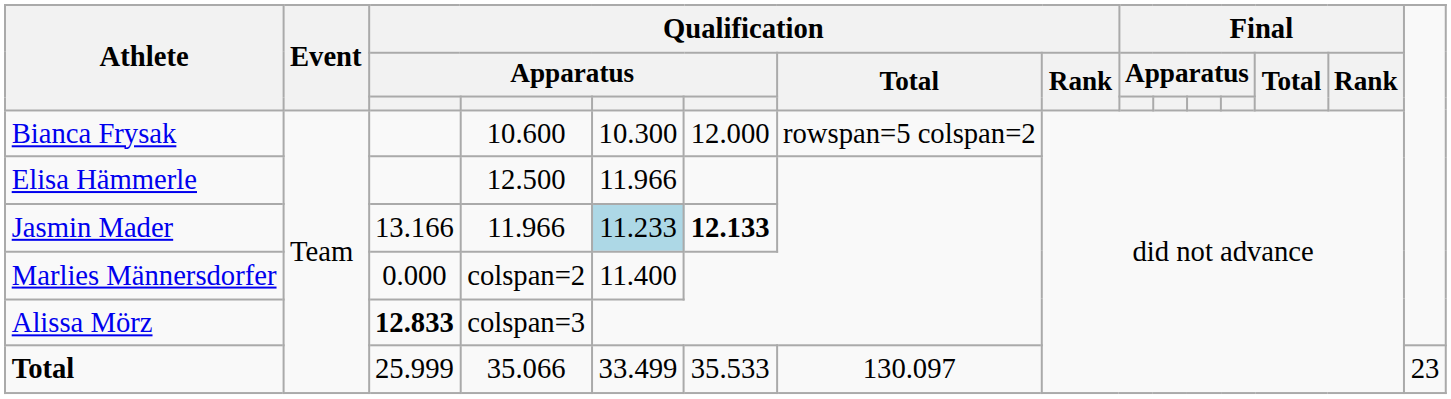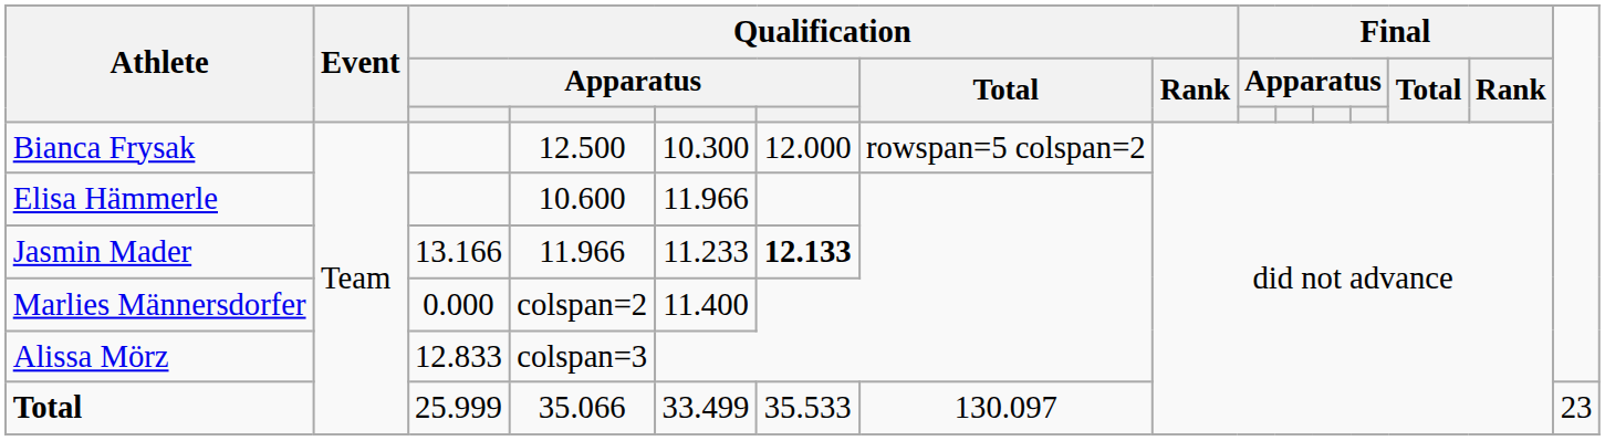 <table class="wikitable" style="font-size:90%">
 <tr>
 <th rowspan=3>Athlete</th>
 <th rowspan=3>Event</th>
 <th colspan=6>Qualification</th>
 <th colspan=6>Final</th>
 </tr>
 <tr style="font-size:95%">
 <th colspan=4>Apparatus</th>
 <th rowspan=2>Total</th>
 <th rowspan=2>Rank</th>
 <th colspan=4>Apparatus</th>
 <th rowspan=2>Total</th>
 <th rowspan=2>Rank</th>
 </tr>
 <tr style="font-size:95%">
 <th></th>
 <th></th>
 <th></th>
 <th></th>
 <th></th>
 <th></th>
 <th></th>
 <th></th>
 </tr>
 <tr align=center>
 <td align=left><a href='#'>Bianca Frysak</a></td>
 <td align=left rowspan=6>Team</td>
 <td></td>
-<td>10.600</td>
+<td>12.500</td>
 <td>10.300</td>
 <td>12.000</td>
 <td>rowspan=5 colspan=2</td>
 <td colspan=7 rowspan=6>did not advance</td>
 </tr>
 <tr align=center>
 <td align=left><a href='#'>Elisa Hämmerle</a></td>
 <td></td>
-<td>12.500</td>
+<td>10.600</td>
 <td>11.966</td>
 <td></td>
 </tr>
 <tr align=center>
 <td align=left><a href='#'>Jasmin Mader</a></td>
 <td>13.166</td>
 <td>11.966</td>
-<td style="background: lightblue;">11.233</td>
+<td>11.233</td>
 <td><strong>12.133</strong></td>
 </tr>
 <tr align=center>
 <td align=left><a href='#'>Marlies Männersdorfer</a></td>
 <td>0.000</td>
 <td>colspan=2</td>
 <td>11.400</td>
 </tr>
 <tr align=center>
 <td align=left><a href='#'>Alissa Mörz</a></td>
-<td><strong>12.833</strong></td>
+<td>12.833</td>
 <td>colspan=3</td>
 </tr>
 <tr align=center>
 <td align=left><strong>Total</strong></td>
 <td>25.999</td>
 <td>35.066</td>
 <td>33.499</td>
 <td>35.533</td>
 <td>130.097</td>
 <td>23</td>
 </tr>
 </table>
